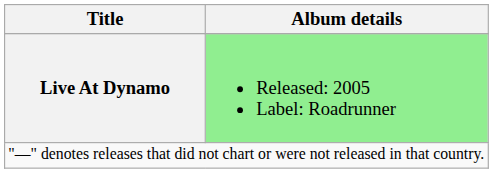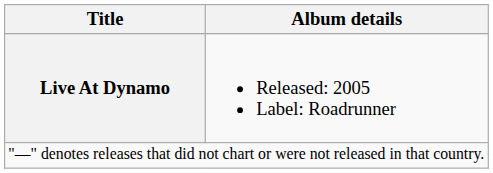 <table class="wikitable plainrowheaders">
 <tr>
 <th rowspan="1" scope="col">Title</th>
 <th rowspan="1" scope="col">Album details</th>
 </tr>
 <tr>
 </tr>
 <tr>
 <th scope="row">Live At Dynamo</th>
-<td style="background: lightgreen;"><br><ul><li>Released: 2005</li><li>Label: Roadrunner</li></ul></td>
+<td><br><ul><li>Released: 2005</li><li>Label: Roadrunner</li></ul></td>
 </tr>
 <tr>
 <td colspan="2" align="center" style="font-size:85%">"—" denotes releases that did not chart or were not released in that country.</td>
 </tr>
 </table>
